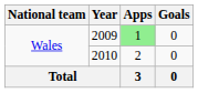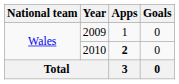 <table class="wikitable" style="text-align: center">
 <tr>
 <th>National team</th>
 <th>Year</th>
 <th>Apps</th>
 <th>Goals</th>
 </tr>
 <tr>
 <td rowspan="2"><a href='#'>Wales</a></td>
 <td>2009</td>
-<td style="background: lightgreen;">1</td>
+<td>1</td>
 <td>0</td>
 </tr>
 <tr>
 <td>2010</td>
-<td>2</td>
+<td><strong>2</strong></td>
 <td>0</td>
 </tr>
 <tr>
 <th colspan=2>Total</th>
 <th>3</th>
 <th>0</th>
 </tr>
 </table>
